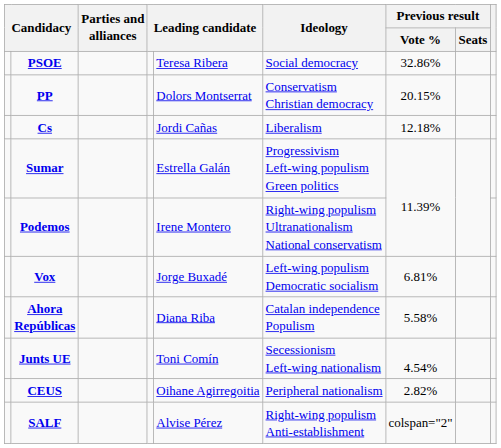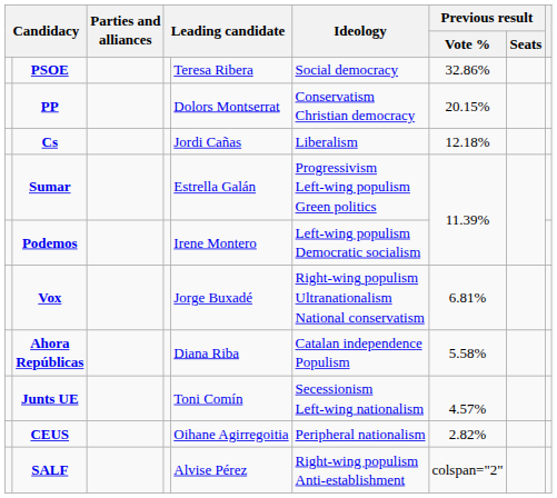 <table class="wikitable" style="line-height:1.35em; text-align:left;">
 <tr>
 <th colspan="2" rowspan="2">Candidacy</th>
 <th rowspan="2">Parties and<br>alliances</th>
 <th colspan="2" rowspan="2">Leading candidate</th>
 <th rowspan="2">Ideology</th>
 <th colspan="2">Previous result</th>
 <th rowspan="2"></th>
 </tr>
 <tr>
 <th>Vote %</th>
 <th>Seats</th>
 </tr>
 <tr>
 <td width="1" style="color:inherit;background:"></td>
 <td align="center"><strong><a href='#'>PSOE</a></strong></td>
 <td></td>
 <td></td>
 <td><a href='#'>Teresa Ribera</a></td>
 <td><a href='#'>Social democracy</a></td>
 <td align="center">32.86%</td>
 <td></td>
 <td></td>
 </tr>
 <tr>
 <td style="color:inherit;background:"></td>
 <td align="center"><strong><a href='#'>PP</a></strong></td>
 <td></td>
 <td></td>
 <td><a href='#'>Dolors Montserrat</a></td>
 <td><a href='#'>Conservatism</a><br><a href='#'>Christian democracy</a></td>
 <td align="center">20.15%</td>
 <td></td>
 <td></td>
 </tr>
 <tr>
 <td style="color:inherit;background:"></td>
 <td align="center"><strong><a href='#'>Cs</a></strong></td>
 <td></td>
 <td></td>
 <td><a href='#'>Jordi Cañas</a></td>
 <td><a href='#'>Liberalism</a></td>
 <td align="center">12.18%</td>
 <td></td>
 <td><br></td>
 </tr>
 <tr>
 <td style="color:inherit;background:"></td>
 <td align="center"><strong><a href='#'>Sumar</a></strong></td>
 <td></td>
 <td></td>
 <td><a href='#'>Estrella Galán</a></td>
 <td><a href='#'>Progressivism</a><br><a href='#'>Left-wing populism</a><br><a href='#'>Green politics</a></td>
 <td rowspan="2" align="center"><br>11.39%<br></td>
 <td rowspan="2"></td>
 <td><br><br><br></td>
 </tr>
 <tr>
 <td style="color:inherit;background:"></td>
 <td align="center"><strong><a href='#'>Podemos</a></strong></td>
 <td></td>
 <td></td>
 <td><a href='#'>Irene Montero</a></td>
-<td><a href='#'>Right-wing populism</a><br><a href='#'>Ultranationalism</a><br><a href='#'>National conservatism</a></td>
+<td><a href='#'>Left-wing populism</a><br><a href='#'>Democratic socialism</a></td>
 <td><br><br></td>
 </tr>
 <tr>
 <td style="color:inherit;background:"></td>
 <td align="center"><strong><a href='#'>Vox</a></strong></td>
 <td></td>
 <td></td>
 <td><a href='#'>Jorge Buxadé</a></td>
-<td><a href='#'>Left-wing populism</a><br><a href='#'>Democratic socialism</a></td>
+<td><a href='#'>Right-wing populism</a><br><a href='#'>Ultranationalism</a><br><a href='#'>National conservatism</a></td>
 <td align="center">6.81%</td>
 <td></td>
 <td></td>
 </tr>
 <tr>
 <td style="color:inherit;background:"></td>
 <td align="center"><strong><a href='#'>Ahora<br>Repúblicas</a></strong></td>
 <td></td>
 <td></td>
 <td><a href='#'>Diana Riba</a></td>
 <td><a href='#'>Catalan independence</a><br><a href='#'>Populism</a></td>
 <td align="center">5.58%</td>
 <td></td>
 <td><br><br></td>
 </tr>
 <tr>
 <td style="color:inherit;background:"></td>
 <td align="center"><strong><a href='#'>Junts UE</a></strong></td>
 <td></td>
 <td></td>
 <td><a href='#'>Toni Comín</a></td>
 <td><a href='#'>Secessionism</a><br><a href='#'>Left-wing nationalism</a></td>
-<td align="center"><br>4.54%<br></td>
+<td align="center"><br>4.57%<br></td>
 <td></td>
 <td><br></td>
 </tr>
 <tr>
 <td style="color:inherit;background:"></td>
 <td align="center"><strong><a href='#'>CEUS</a></strong></td>
 <td></td>
 <td></td>
 <td><a href='#'>Oihane Agirregoitia</a></td>
 <td><a href='#'>Peripheral nationalism</a></td>
 <td align="center">2.82%</td>
 <td></td>
 <td><br></td>
 </tr>
 <tr>
 <td style="color:inherit;background:"></td>
 <td align="center"><strong><a href='#'>SALF</a></strong></td>
 <td></td>
 <td></td>
 <td><a href='#'>Alvise Pérez</a></td>
 <td><a href='#'>Right-wing populism</a><br><a href='#'>Anti-establishment</a></td>
 <td>colspan="2" </td>
 <td></td>
 </tr>
 </table>
